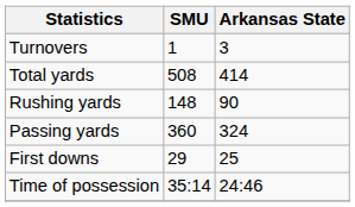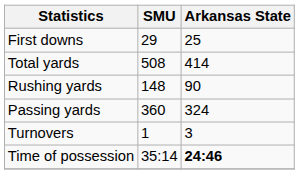 <table class="wikitable" style="float: left;">
 <tr>
 <th>Statistics</th>
 <th>SMU</th>
 <th>Arkansas State</th>
 </tr>
 <tr>
-<td>Turnovers</td>
-<td>1</td>
-<td>3</td>
+<td>First downs</td>
+<td>29</td>
+<td>25</td>
 </tr>
 <tr>
 <td>Total yards</td>
 <td>508</td>
 <td>414</td>
 </tr>
 <tr>
 <td>Rushing yards</td>
 <td>148</td>
 <td>90</td>
 </tr>
 <tr>
 <td>Passing yards</td>
 <td>360</td>
 <td>324</td>
 </tr>
 <tr>
-<td>First downs</td>
-<td>29</td>
-<td>25</td>
+<td>Turnovers</td>
+<td>1</td>
+<td>3</td>
 </tr>
 <tr>
 <td>Time of possession</td>
 <td>35:14</td>
-<td>24:46</td>
+<td><strong>24:46</strong></td>
 </tr>
 <tr>
 </tr>
 </table>
